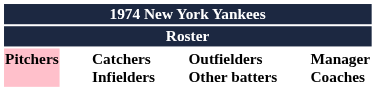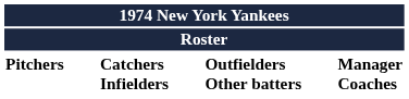 <table class="toccolours" style="font-size: 95%;">
 <tr>
 <th colspan="10" style="background-color: #1c2841; color: white; text-align: center;">1974 New York Yankees</th>
 </tr>
 <tr>
 <td colspan="10" style="background-color:#1c2841; color: white; text-align: center;"><strong>Roster</strong></td>
 </tr>
 <tr>
-<td valign="top" style="background: pink;"><strong>Pitchers</strong><br>                  </td>
+<td valign="top"><strong>Pitchers</strong><br>                  </td>
 <td width="25px"></td>
 <td valign="top"><strong>Catchers</strong><br>    <strong>Infielders</strong>           </td>
 <td width="25px"></td>
 <td valign="top"><strong>Outfielders</strong><br>         <strong>Other batters</strong> </td>
 <td width="25px"></td>
 <td valign="top"><strong>Manager</strong><br> <strong>Coaches</strong>    </td>
 </tr>
 </table>
